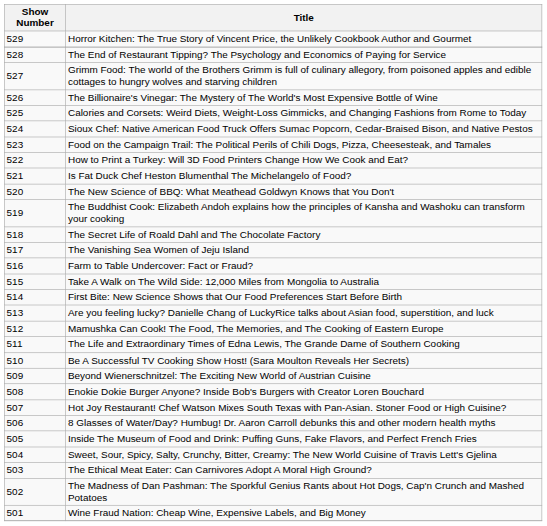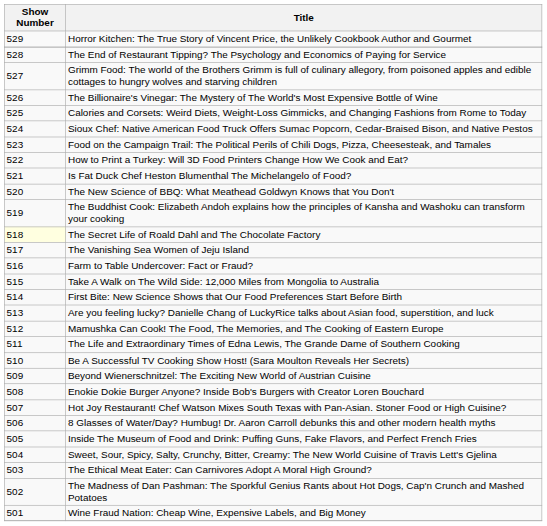 <table class=wikitable>
 <tr>
 <th>Show Number</th>
 <th>Title</th>
 </tr>
 <tr>
 <td>529</td>
 <td>Horror Kitchen: The True Story of Vincent Price, the Unlikely Cookbook Author and Gourmet</td>
 </tr>
 <tr>
 </tr>
 <tr>
 <td>528</td>
 <td>The End of Restaurant Tipping? The Psychology and Economics of Paying for Service</td>
 </tr>
 <tr>
 <td>527</td>
 <td>Grimm Food: The world of the Brothers Grimm is full of culinary allegory, from poisoned apples and edible cottages to hungry wolves and starving children</td>
 </tr>
 <tr>
 <td>526</td>
 <td>The Billionaire's Vinegar: The Mystery of The World's Most Expensive Bottle of Wine</td>
 </tr>
 <tr>
 <td>525</td>
 <td>Calories and Corsets: Weird Diets, Weight-Loss Gimmicks, and Changing Fashions from Rome to Today</td>
 </tr>
 <tr>
 <td>524</td>
 <td>Sioux Chef: Native American Food Truck Offers Sumac Popcorn, Cedar-Braised Bison, and Native Pestos</td>
 </tr>
 <tr>
 <td>523</td>
 <td>Food on the Campaign Trail: The Political Perils of Chili Dogs, Pizza, Cheesesteak, and Tamales</td>
 </tr>
 <tr>
 <td>522</td>
 <td>How to Print a Turkey: Will 3D Food Printers Change How We Cook and Eat?</td>
 </tr>
 <tr>
 <td>521</td>
 <td>Is Fat Duck Chef Heston Blumenthal The Michelangelo of Food?</td>
 </tr>
 <tr>
 <td>520</td>
 <td>The New Science of BBQ: What Meathead Goldwyn Knows that You Don't</td>
 </tr>
 <tr>
 <td>519</td>
 <td>The Buddhist Cook: Elizabeth Andoh explains how the principles of Kansha and Washoku can transform your cooking</td>
 </tr>
 <tr>
-<td>518</td>
+<td style="background: lightyellow;">518</td>
 <td>The Secret Life of Roald Dahl and The Chocolate Factory</td>
 </tr>
 <tr>
 <td>517</td>
 <td>The Vanishing Sea Women of Jeju Island</td>
 </tr>
 <tr>
 <td>516</td>
 <td>Farm to Table Undercover: Fact or Fraud?</td>
 </tr>
 <tr>
 <td>515</td>
 <td>Take A Walk on The Wild Side: 12,000 Miles from Mongolia to Australia</td>
 </tr>
 <tr>
 <td>514</td>
 <td>First Bite: New Science Shows that Our Food Preferences Start Before Birth</td>
 </tr>
 <tr>
 <td>513</td>
 <td>Are you feeling lucky? Danielle Chang of LuckyRice talks about Asian food, superstition, and luck</td>
 </tr>
 <tr>
 <td>512</td>
 <td>Mamushka Can Cook! The Food, The Memories, and The Cooking of Eastern Europe</td>
 </tr>
 <tr>
 <td>511</td>
 <td>The Life and Extraordinary Times of Edna Lewis, The Grande Dame of Southern Cooking</td>
 </tr>
 <tr>
 <td>510</td>
 <td>Be A Successful TV Cooking Show Host! (Sara Moulton Reveals Her Secrets)</td>
 </tr>
 <tr>
 <td>509</td>
 <td>Beyond Wienerschnitzel: The Exciting New World of Austrian Cuisine</td>
 </tr>
 <tr>
 <td>508</td>
 <td>Enokie Dokie Burger Anyone? Inside Bob's Burgers with Creator Loren Bouchard</td>
 </tr>
 <tr>
 <td>507</td>
 <td>Hot Joy Restaurant! Chef Watson Mixes South Texas with Pan-Asian. Stoner Food or High Cuisine?</td>
 </tr>
 <tr>
 <td>506</td>
 <td>8 Glasses of Water/Day? Humbug! Dr. Aaron Carroll debunks this and other modern health myths</td>
 </tr>
 <tr>
 <td>505</td>
 <td>Inside The Museum of Food and Drink: Puffing Guns, Fake Flavors, and Perfect French Fries</td>
 </tr>
 <tr>
 <td>504</td>
 <td>Sweet, Sour, Spicy, Salty, Crunchy, Bitter, Creamy: The New World Cuisine of Travis Lett's Gjelina</td>
 </tr>
 <tr>
 <td>503</td>
 <td>The Ethical Meat Eater: Can Carnivores Adopt A Moral High Ground?</td>
 </tr>
 <tr>
 <td>502</td>
 <td>The Madness of Dan Pashman: The Sporkful Genius Rants about Hot Dogs, Cap'n Crunch and Mashed Potatoes</td>
 </tr>
 <tr>
 <td>501</td>
 <td>Wine Fraud Nation: Cheap Wine, Expensive Labels, and Big Money</td>
 </tr>
 <tr>
 </tr>
 </table>
